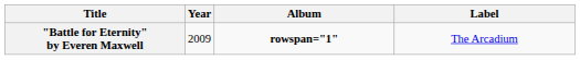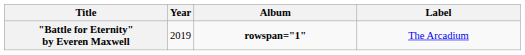 <table class="wikitable plainrowheaders" style="text-align:center;">
 <tr>
 <th rowspan="1" style="width:15em;">Title</th>
 <th rowspan="1">Year</th>
 <th rowspan="1" style="width:15em;">Album</th>
 <th rowspan="1" style="width:15em;">Label</th>
 </tr>
 <tr>
 <th scope="row">"Battle for Eternity"<br>by Everen Maxwell</th>
-<td rowspan="1">2009</td>
+<td rowspan="1">2019</td>
 <td><strong>rowspan="1" </strong></td>
 <td rowspan="1"><a href='#'>The Arcadium</a></td>
 </tr>
 </table>
